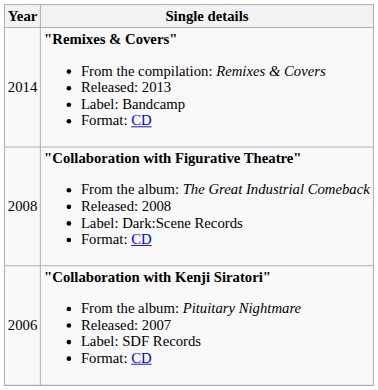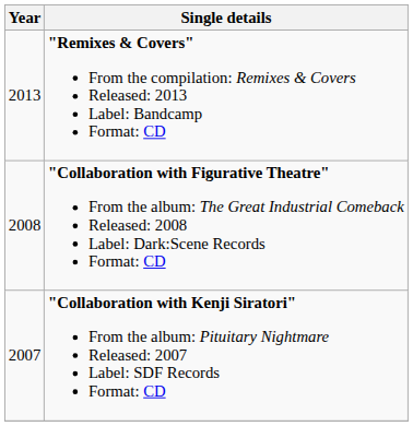 <table class ="wikitable">
 <tr>
 <th>Year</th>
 <th>Single details</th>
 </tr>
 <tr>
-<td align="center" rowspan="1">2014</td>
+<td align="center" rowspan="1">2013</td>
 <td><strong>"Remixes & Covers"</strong><br><ul><li>From the compilation: <em>Remixes & Covers</em></li><li>Released: 2013</li><li>Label: Bandcamp</li><li>Format: <a href='#'>CD</a></li></ul></td>
 </tr>
 <tr>
 <td align="center" rowspan="1">2008</td>
 <td><strong>"Collaboration with Figurative Theatre"</strong><br><ul><li>From the album: <em>The Great Industrial Comeback</em></li><li>Released: 2008</li><li>Label: Dark:Scene Records</li><li>Format: <a href='#'>CD</a></li></ul></td>
 </tr>
 <tr>
-<td align="center" rowspan="1">2006</td>
+<td align="center" rowspan="1">2007</td>
 <td><strong>"Collaboration with Kenji Siratori"</strong><br><ul><li>From the album: <em>Pituitary Nightmare </em></li><li>Released: 2007</li><li>Label: SDF Records</li><li>Format: <a href='#'>CD</a></li></ul></td>
 </tr>
 <tr>
 </tr>
 </table>
